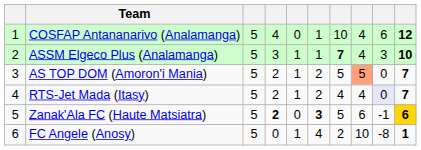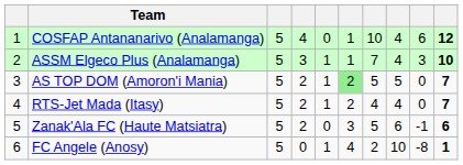 <table class="wikitable" style="text-align: center;">
 <tr>
 <th width=20></th>
 <th>Team</th>
 <th width=20></th>
 <th width=20></th>
 <th width=20></th>
 <th width=20></th>
 <th width=20></th>
 <th width=20></th>
 <th width=20></th>
 <th width=20></th>
 </tr>
 <tr bgcolor=#ccffcc>
 <td>1</td>
 <td align=left><a href='#'>COSFAP Antananarivo</a> (<a href='#'>Analamanga</a>)</td>
 <td>5</td>
 <td>4</td>
 <td>0</td>
 <td>1</td>
 <td>10</td>
 <td>4</td>
 <td>6</td>
 <td><strong>12</strong></td>
 </tr>
 <tr bgcolor=#ccffcc>
 <td>2</td>
 <td align=left><a href='#'>ASSM Elgeco Plus</a> (<a href='#'>Analamanga</a>)</td>
 <td>5</td>
 <td>3</td>
 <td>1</td>
 <td>1</td>
-<td><strong>7</strong></td>
+<td>7</td>
 <td>4</td>
 <td>3</td>
 <td><strong>10</strong></td>
 </tr>
 <tr>
 <td>3</td>
 <td align=left><a href='#'>AS TOP DOM</a> (<a href='#'>Amoron'i Mania</a>)</td>
 <td>5</td>
 <td>2</td>
 <td>1</td>
-<td>2</td>
+<td style="background: lightgreen;">2</td>
 <td>5</td>
-<td style="background: lightsalmon;">5</td>
+<td>5</td>
 <td>0</td>
 <td><strong>7</strong></td>
 </tr>
 <tr>
 <td>4</td>
 <td align=left><a href='#'>RTS-Jet Mada</a> (<a href='#'>Itasy</a>)</td>
 <td>5</td>
 <td>2</td>
 <td>1</td>
 <td>2</td>
 <td>4</td>
 <td>4</td>
-<td style="background: lavender;">0</td>
+<td>0</td>
 <td><strong>7</strong></td>
 </tr>
 <tr>
 <td>5</td>
 <td align=left><a href='#'>Zanak'Ala FC</a> (<a href='#'>Haute Matsiatra</a>)</td>
 <td>5</td>
-<td><strong>2</strong></td>
+<td>2</td>
 <td>0</td>
-<td><strong>3</strong></td>
+<td>3</td>
 <td>5</td>
 <td>6</td>
 <td>-1</td>
-<td style="background: gold;"><strong>6</strong></td>
+<td><strong>6</strong></td>
 </tr>
 <tr>
 <td>6</td>
 <td align=left><a href='#'>FC Angele</a> (<a href='#'>Anosy</a>)</td>
 <td>5</td>
 <td>0</td>
 <td>1</td>
 <td>4</td>
 <td>2</td>
 <td>10</td>
 <td>-8</td>
 <td><strong>1</strong></td>
 </tr>
 </table>
